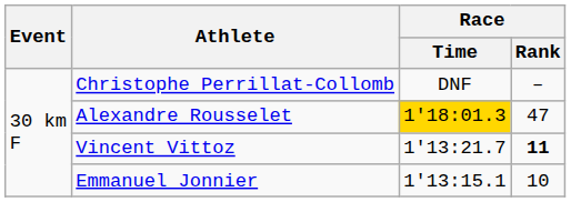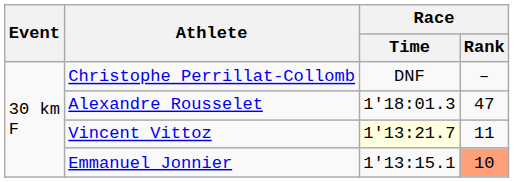 <table class="wikitable" border="1" style="font-size:90%">
 <tr>
 <th rowspan=2>Event</th>
 <th rowspan=2>Athlete</th>
 <th colspan=2>Race</th>
 </tr>
 <tr>
 <th>Time</th>
 <th>Rank</th>
 </tr>
 <tr>
 <td rowspan=4>30 km <br> F</td>
 <td><a href='#'>Christophe Perrillat-Collomb</a></td>
 <td align=center>DNF</td>
 <td align=center>–</td>
 </tr>
 <tr>
 <td><a href='#'>Alexandre Rousselet</a></td>
-<td align=center style="background: gold;">1'18:01.3</td>
+<td align=center>1'18:01.3</td>
 <td align=center>47</td>
 </tr>
 <tr>
 <td><a href='#'>Vincent Vittoz</a></td>
-<td align=center>1'13:21.7</td>
-<td align=center><strong>11</strong></td>
+<td align=center style="background: lightyellow;">1'13:21.7</td>
+<td align=center>11</td>
 </tr>
 <tr>
 <td><a href='#'>Emmanuel Jonnier</a></td>
 <td align=center>1'13:15.1</td>
-<td align=center>10</td>
+<td align=center style="background: lightsalmon;">10</td>
 </tr>
 </table>
